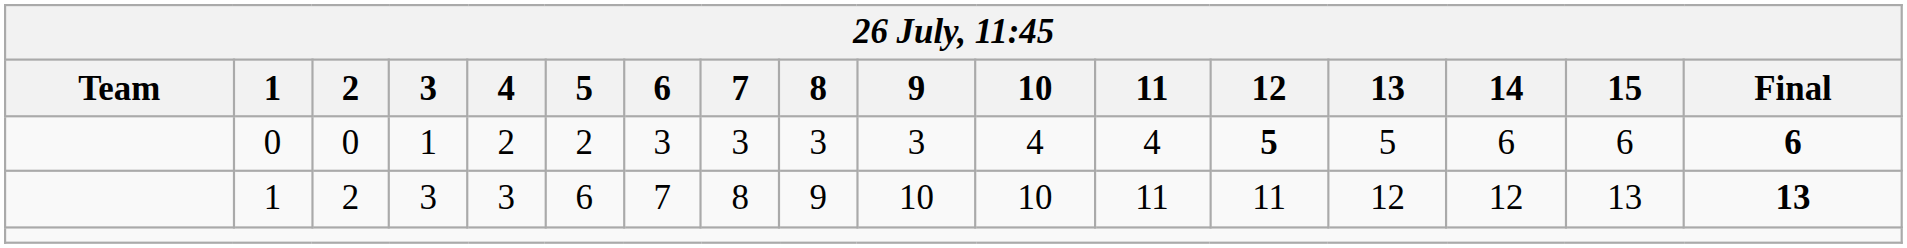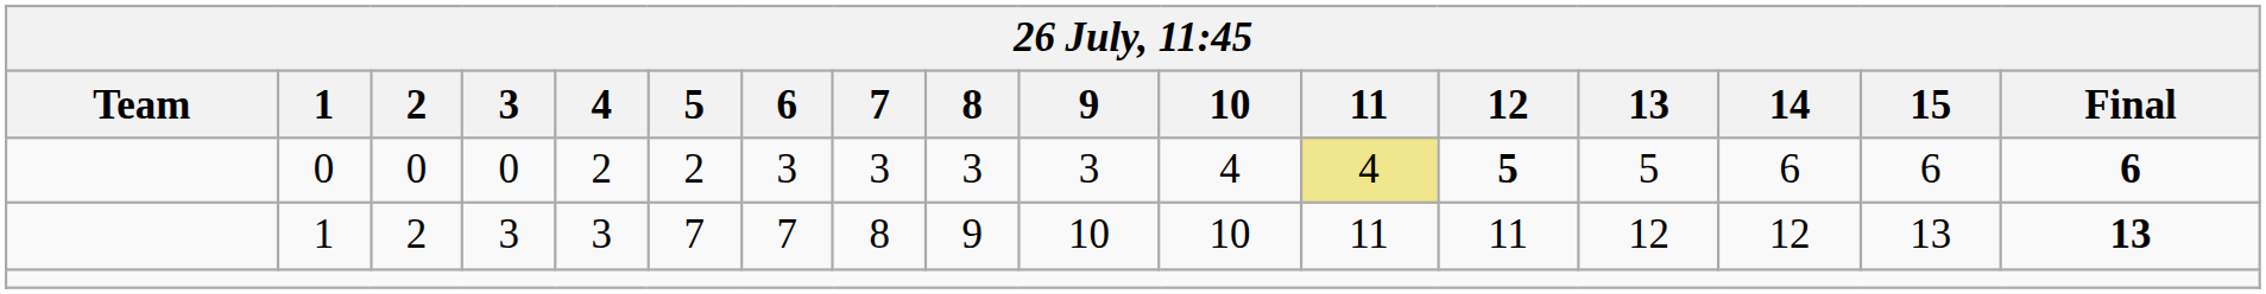 <table class=wikitable style="text-align:center; width: 55%">
 <tr>
 <th colspan=17><em>26 July, 11:45</em></th>
 </tr>
 <tr>
 <th>Team</th>
 <th>1</th>
 <th>2</th>
 <th>3</th>
 <th>4</th>
 <th>5</th>
 <th>6</th>
 <th>7</th>
 <th>8</th>
 <th>9</th>
 <th>10</th>
 <th>11</th>
 <th>12</th>
 <th>13</th>
 <th>14</th>
 <th>15</th>
 <th>Final</th>
 </tr>
 <tr>
 <td align=left></td>
 <td>0</td>
 <td>0</td>
-<td>1</td>
+<td>0</td>
 <td>2</td>
 <td>2</td>
 <td>3</td>
 <td>3</td>
 <td>3</td>
 <td>3</td>
 <td>4</td>
-<td>4</td>
+<td style="background: khaki;">4</td>
 <td><strong>5</strong></td>
 <td>5</td>
 <td>6</td>
 <td>6</td>
 <td><strong>6</strong></td>
 </tr>
 <tr>
 <td align=left><strong></strong></td>
 <td>1</td>
 <td>2</td>
 <td>3</td>
 <td>3</td>
-<td>6</td>
+<td>7</td>
 <td>7</td>
 <td>8</td>
 <td>9</td>
 <td>10</td>
 <td>10</td>
 <td>11</td>
 <td>11</td>
 <td>12</td>
 <td>12</td>
 <td>13</td>
 <td><strong>13</strong></td>
 </tr>
 <tr>
 <td colspan=17></td>
 </tr>
 </table>
